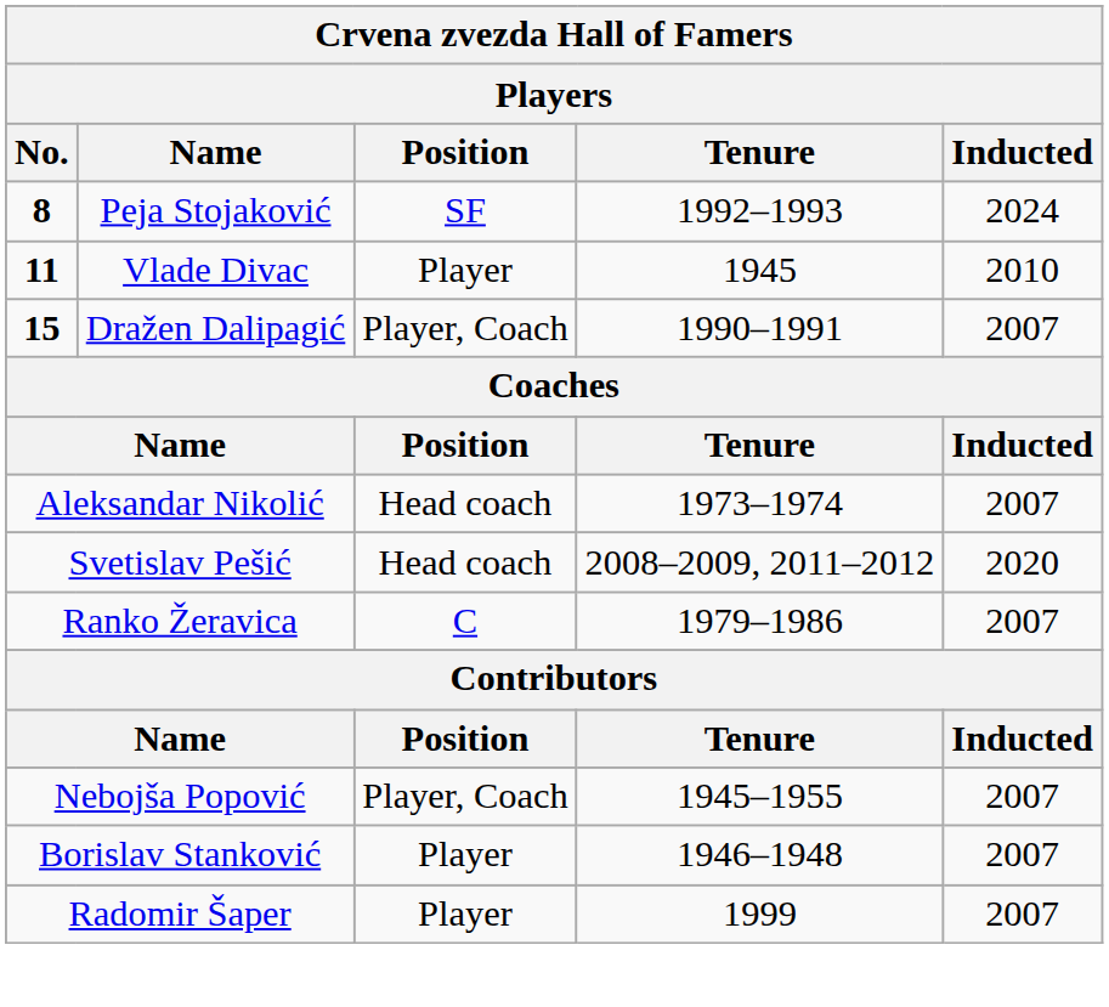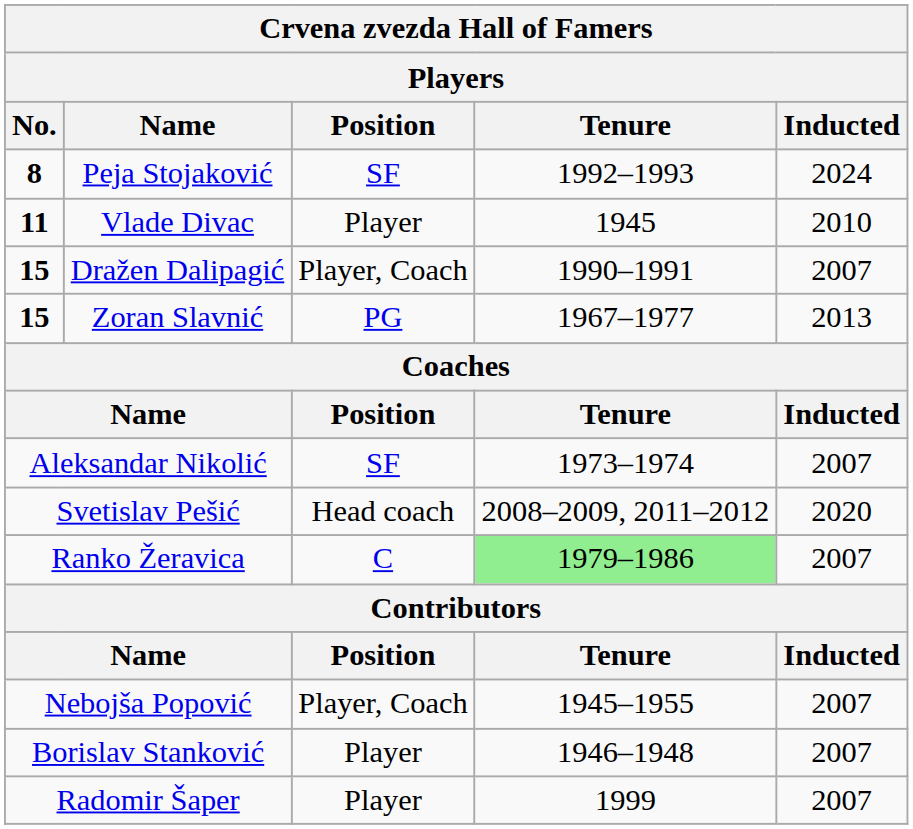 <table class="wikitable" style="text-align:center">
 <tr>
 <th colspan="5">Crvena zvezda Hall of Famers</th>
 </tr>
 <tr>
 <th colspan="5">Players</th>
 </tr>
 <tr>
 <th>No.</th>
 <th>Name</th>
 <th>Position</th>
 <th>Tenure</th>
 <th>Inducted</th>
 </tr>
 <tr>
 <td><strong>8</strong></td>
 <td><a href='#'>Peja Stojaković</a></td>
 <td><a href='#'>SF</a></td>
 <td>1992–1993</td>
 <td>2024</td>
 </tr>
 <tr>
 <td><strong>11</strong></td>
 <td><a href='#'>Vlade Divac</a></td>
 <td>Player</td>
 <td>1945</td>
 <td>2010</td>
 </tr>
 <tr>
 <td><strong>15</strong></td>
 <td><a href='#'>Dražen Dalipagić</a></td>
 <td>Player, Coach</td>
 <td>1990–1991</td>
 <td>2007</td>
 </tr>
 <tr>
+<td><strong>15</strong></td>
+<td><a href='#'>Zoran Slavnić</a></td>
+<td><a href='#'>PG</a></td>
+<td>1967–1977</td>
+<td>2013</td>
+</tr>
+<tr>
 <th colspan="5">Coaches</th>
 </tr>
 <tr>
 <th colspan=2>Name</th>
 <th>Position</th>
 <th>Tenure</th>
 <th>Inducted</th>
 </tr>
 <tr>
 <td colspan=2><a href='#'>Aleksandar Nikolić</a></td>
-<td>Head coach</td>
+<td><a href='#'>SF</a></td>
 <td>1973–1974</td>
 <td>2007</td>
 </tr>
 <tr>
 <td colspan=2><a href='#'>Svetislav Pešić</a></td>
 <td>Head coach</td>
 <td>2008–2009, 2011–2012</td>
 <td>2020</td>
 </tr>
 <tr>
 <td colspan=2><a href='#'>Ranko Žeravica</a></td>
 <td><a href='#'>C</a></td>
-<td>1979–1986</td>
+<td style="background: lightgreen;">1979–1986</td>
 <td>2007</td>
 </tr>
 <tr>
 <th colspan="5">Contributors</th>
 </tr>
 <tr>
 <th colspan=2>Name</th>
 <th>Position</th>
 <th>Tenure</th>
 <th>Inducted</th>
 </tr>
 <tr>
 <td colspan=2><a href='#'>Nebojša Popović</a></td>
 <td>Player, Coach</td>
 <td>1945–1955</td>
 <td>2007</td>
 </tr>
 <tr>
 <td colspan=2><a href='#'>Borislav Stanković</a></td>
 <td>Player</td>
 <td>1946–1948</td>
 <td>2007</td>
 </tr>
 <tr>
 <td colspan=2><a href='#'>Radomir Šaper</a></td>
 <td>Player</td>
 <td>1999</td>
 <td>2007</td>
 </tr>
 </table>
